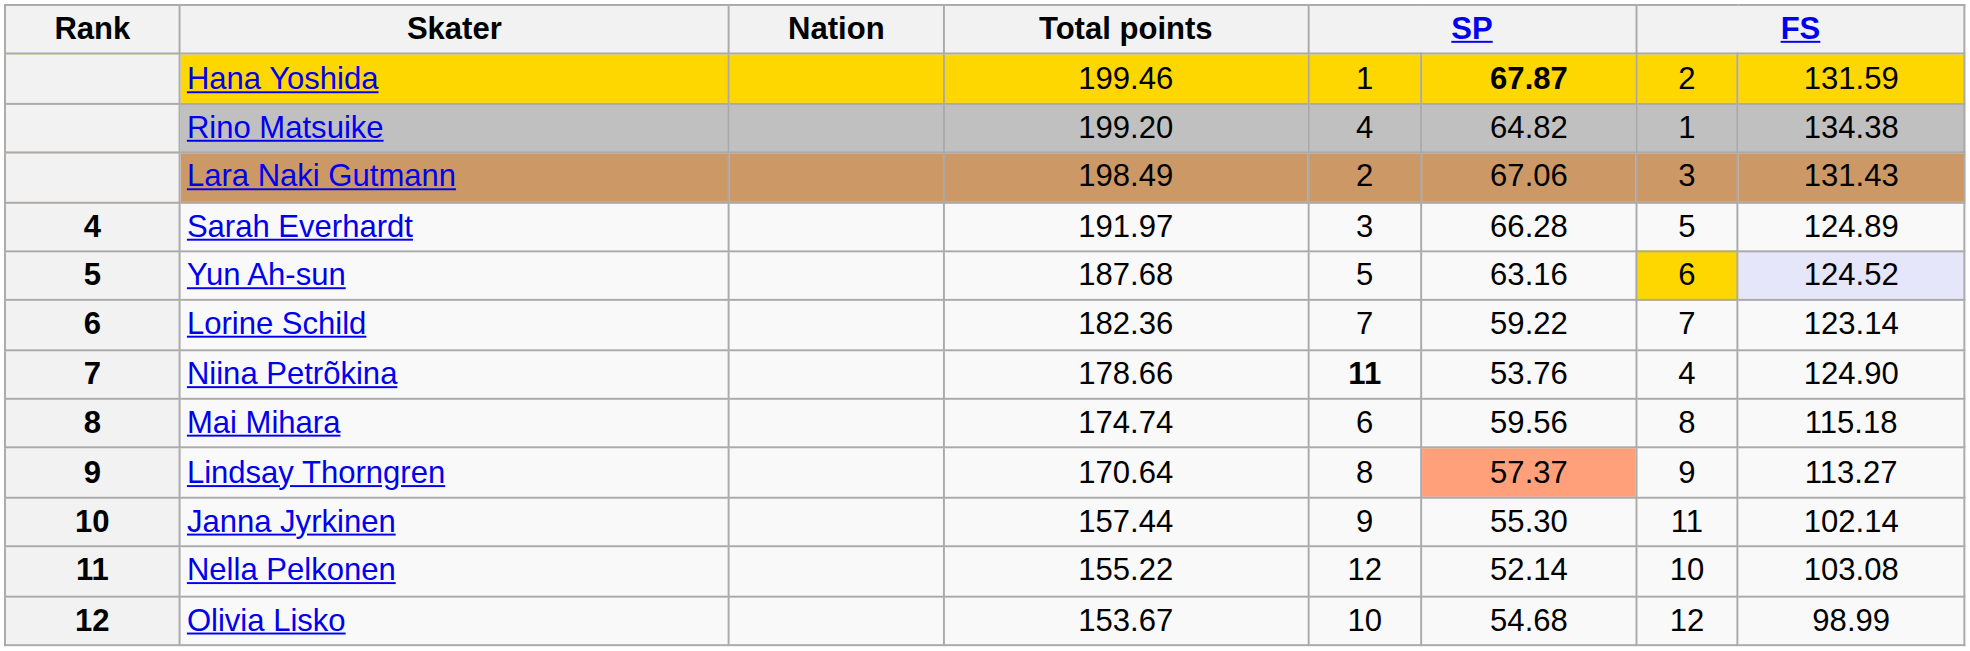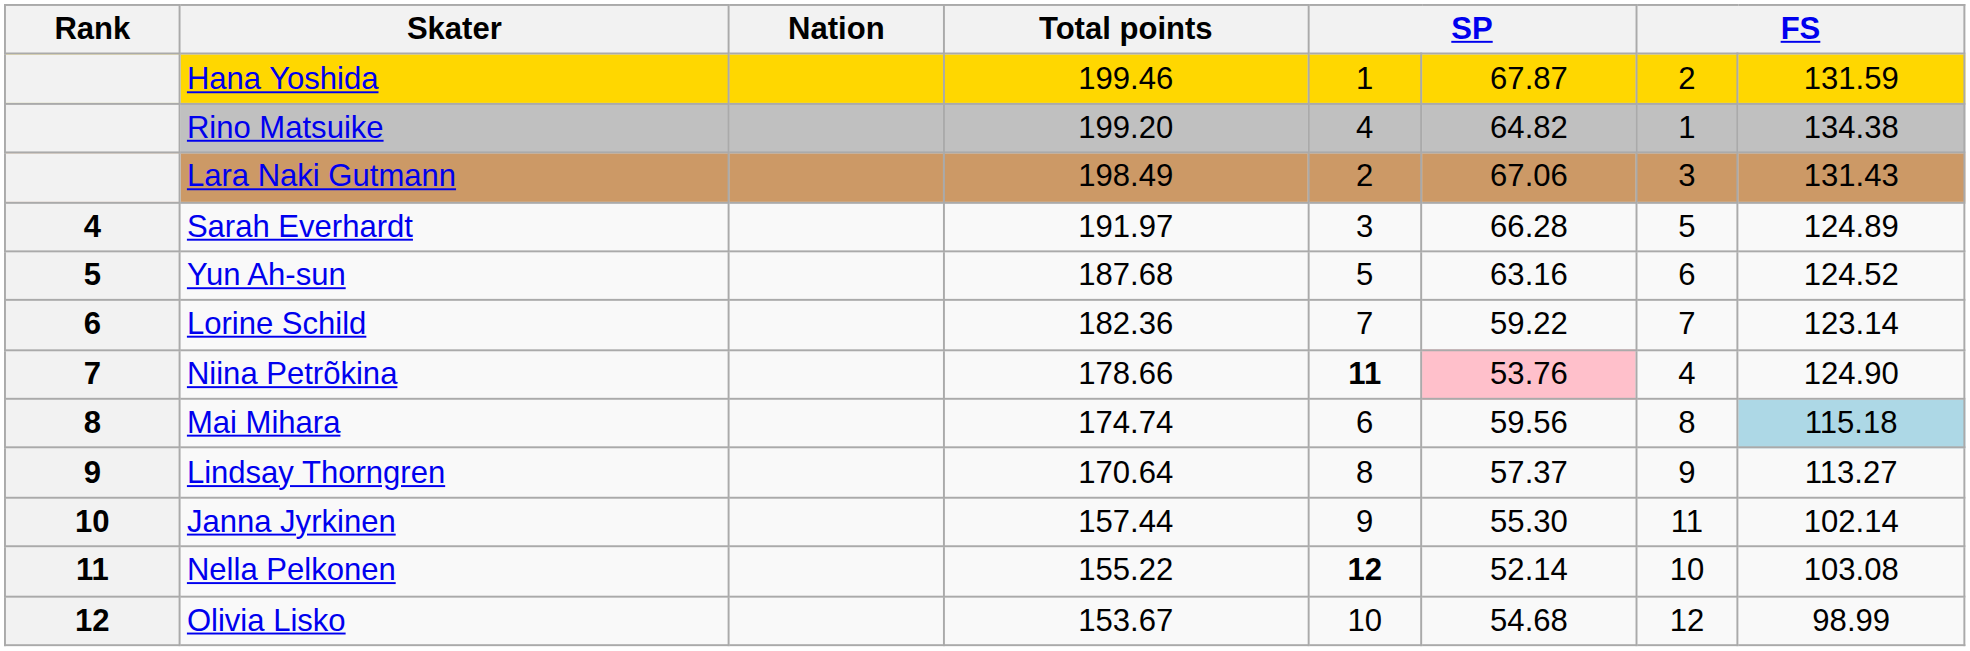 <table class="wikitable sortable" style="text-align:center;" width="80%">
 <tr>
 <th scope="col">Rank</th>
 <th scope="col">Skater</th>
 <th scope="col">Nation</th>
 <th scope="col">Total points</th>
 <th scope="col" colspan="2" width="80px"><a href='#'>SP</a></th>
 <th scope="col" colspan="2" width="80px"><a href='#'>FS</a></th>
 </tr>
 <tr bgcolor="gold">
 <th scope="row"></th>
 <td align="left"><a href='#'>Hana Yoshida</a></td>
 <td align="left"></td>
 <td>199.46</td>
 <td>1</td>
-<td><strong>67.87</strong></td>
+<td>67.87</td>
 <td>2</td>
 <td>131.59</td>
 </tr>
 <tr bgcolor="silver">
 <th scope="row"></th>
 <td align="left"><a href='#'>Rino Matsuike</a></td>
 <td align="left"></td>
 <td>199.20</td>
 <td>4</td>
 <td>64.82</td>
 <td>1</td>
 <td>134.38</td>
 </tr>
 <tr bgcolor="cc9966">
 <th scope="row"></th>
 <td align="left"><a href='#'>Lara Naki Gutmann</a></td>
 <td align="left"></td>
 <td>198.49</td>
 <td>2</td>
 <td>67.06</td>
 <td>3</td>
 <td>131.43</td>
 </tr>
 <tr>
 <th scope="row">4</th>
 <td align="left"><a href='#'>Sarah Everhardt</a></td>
 <td align="left"></td>
 <td>191.97</td>
 <td>3</td>
 <td>66.28</td>
 <td>5</td>
 <td>124.89</td>
 </tr>
 <tr>
 <th scope="row">5</th>
 <td align="left"><a href='#'>Yun Ah-sun</a></td>
 <td align="left"></td>
 <td>187.68</td>
 <td>5</td>
 <td>63.16</td>
-<td style="background: gold;">6</td>
-<td style="background: lavender;">124.52</td>
+<td>6</td>
+<td>124.52</td>
 </tr>
 <tr>
 <th scope="row">6</th>
 <td align="left"><a href='#'>Lorine Schild</a></td>
 <td align="left"></td>
 <td>182.36</td>
 <td>7</td>
 <td>59.22</td>
 <td>7</td>
 <td>123.14</td>
 </tr>
 <tr>
 <th scope="row">7</th>
 <td align="left"><a href='#'>Niina Petrõkina</a></td>
 <td align="left"></td>
 <td>178.66</td>
 <td><strong>11</strong></td>
-<td>53.76</td>
+<td style="background: pink;">53.76</td>
 <td>4</td>
 <td>124.90</td>
 </tr>
 <tr>
 <th scope="row">8</th>
 <td align="left"><a href='#'>Mai Mihara</a></td>
 <td align="left"></td>
 <td>174.74</td>
 <td>6</td>
 <td>59.56</td>
 <td>8</td>
-<td>115.18</td>
+<td style="background: lightblue;">115.18</td>
 </tr>
 <tr>
 <th scope="row">9</th>
 <td align="left"><a href='#'>Lindsay Thorngren</a></td>
 <td align="left"></td>
 <td>170.64</td>
 <td>8</td>
-<td style="background: lightsalmon;">57.37</td>
+<td>57.37</td>
 <td>9</td>
 <td>113.27</td>
 </tr>
 <tr>
 <th scope="row">10</th>
 <td align="left"><a href='#'>Janna Jyrkinen</a></td>
 <td align="left"></td>
 <td>157.44</td>
 <td>9</td>
 <td>55.30</td>
 <td>11</td>
 <td>102.14</td>
 </tr>
 <tr>
 <th scope="row">11</th>
 <td align="left"><a href='#'>Nella Pelkonen</a></td>
 <td align="left"></td>
 <td>155.22</td>
-<td>12</td>
+<td><strong>12</strong></td>
 <td>52.14</td>
 <td>10</td>
 <td>103.08</td>
 </tr>
 <tr>
 <th scope="row">12</th>
 <td align="left"><a href='#'>Olivia Lisko</a></td>
 <td align="left"></td>
 <td>153.67</td>
 <td>10</td>
 <td>54.68</td>
 <td>12</td>
 <td>98.99</td>
 </tr>
 </table>
